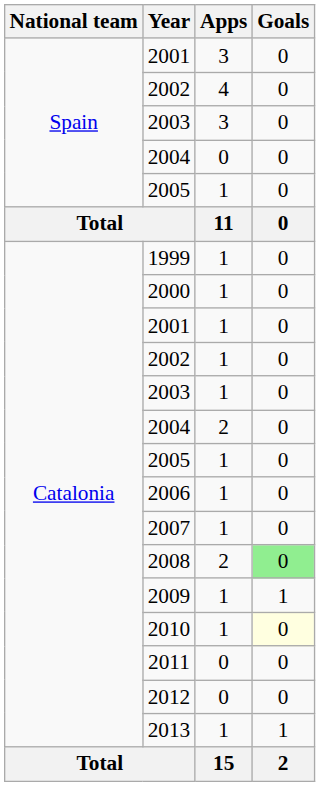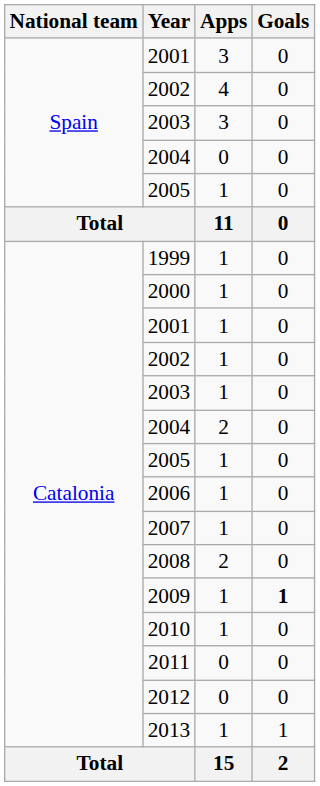 <table class="wikitable" style="text-align:center">
 <tr>
 <th>National team</th>
 <th>Year</th>
 <th>Apps</th>
 <th>Goals</th>
 </tr>
 <tr>
 <td rowspan="5"><a href='#'>Spain</a></td>
 <td>2001</td>
 <td>3</td>
 <td>0</td>
 </tr>
 <tr>
 <td>2002</td>
 <td>4</td>
 <td>0</td>
 </tr>
 <tr>
 <td>2003</td>
 <td>3</td>
 <td>0</td>
 </tr>
 <tr>
 <td>2004</td>
 <td>0</td>
 <td>0</td>
 </tr>
 <tr>
 <td>2005</td>
 <td>1</td>
 <td>0</td>
 </tr>
 <tr>
 <th colspan="2">Total</th>
 <th>11</th>
 <th>0</th>
 </tr>
 <tr>
 <td rowspan="15"><a href='#'>Catalonia</a></td>
 <td>1999</td>
 <td>1</td>
 <td>0</td>
 </tr>
 <tr>
 <td>2000</td>
 <td>1</td>
 <td>0</td>
 </tr>
 <tr>
 <td>2001</td>
 <td>1</td>
 <td>0</td>
 </tr>
 <tr>
 <td>2002</td>
 <td>1</td>
 <td>0</td>
 </tr>
 <tr>
 <td>2003</td>
 <td>1</td>
 <td>0</td>
 </tr>
 <tr>
 <td>2004</td>
 <td>2</td>
 <td>0</td>
 </tr>
 <tr>
 <td>2005</td>
 <td>1</td>
 <td>0</td>
 </tr>
 <tr>
 <td>2006</td>
 <td>1</td>
 <td>0</td>
 </tr>
 <tr>
 <td>2007</td>
 <td>1</td>
 <td>0</td>
 </tr>
 <tr>
 <td>2008</td>
 <td>2</td>
-<td style="background: lightgreen;">0</td>
+<td>0</td>
 </tr>
 <tr>
 <td>2009</td>
 <td>1</td>
-<td>1</td>
+<td><strong>1</strong></td>
 </tr>
 <tr>
 <td>2010</td>
 <td>1</td>
-<td style="background: lightyellow;">0</td>
+<td>0</td>
 </tr>
 <tr>
 <td>2011</td>
 <td>0</td>
 <td>0</td>
 </tr>
 <tr>
 <td>2012</td>
 <td>0</td>
 <td>0</td>
 </tr>
 <tr>
 <td>2013</td>
 <td>1</td>
 <td>1</td>
 </tr>
 <tr>
 <th colspan="2">Total</th>
 <th>15</th>
 <th>2</th>
 </tr>
 </table>
